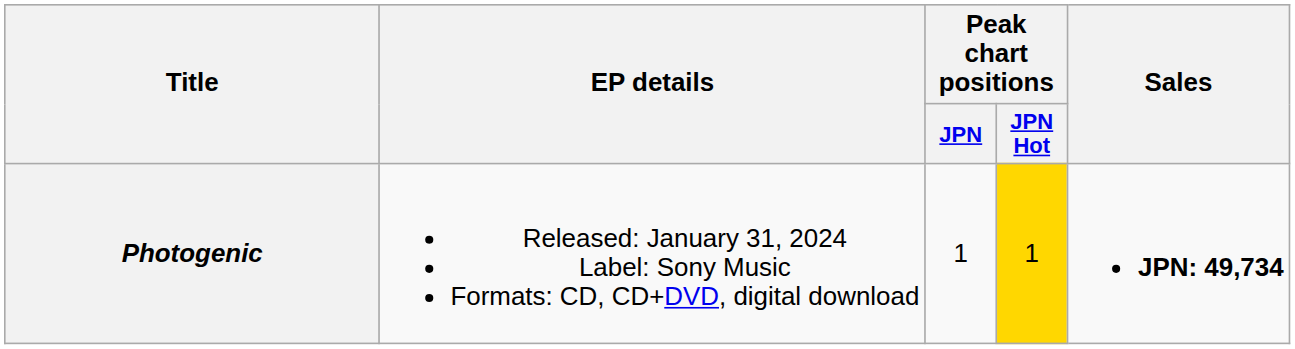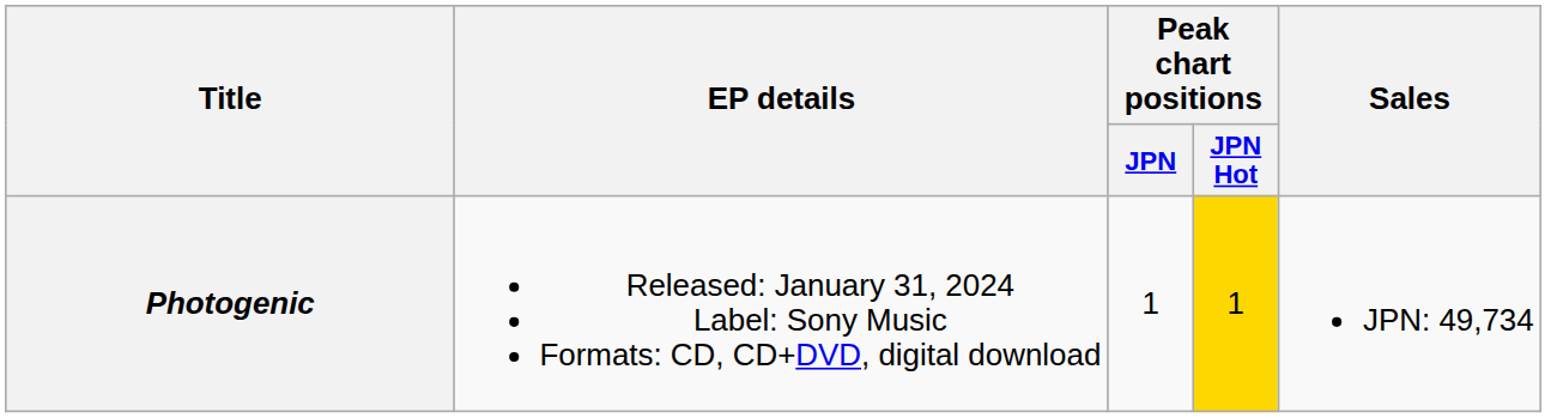 <table class="wikitable plainrowheaders" style="text-align:center;">
 <tr>
 <th scope="col" rowspan="2" style="width:14em;">Title</th>
 <th scope="col" rowspan="2">EP details</th>
 <th scope="col" colspan="2">Peak chart positions</th>
 <th scope="col" rowspan="2">Sales</th>
 </tr>
 <tr>
 <th scope="col" style="width:2.75em;font-size:85%;"><a href='#'>JPN</a><br></th>
 <th scope="col" style="width:2.75em;font-size:85%;"><a href='#'>JPN<br>Hot</a><br></th>
 </tr>
 <tr>
 <th scope="row"><em>Photogenic</em></th>
 <td><br><ul><li>Released: January 31, 2024</li><li>Label: Sony Music</li><li>Formats: CD, CD+<a href='#'>DVD</a>, digital download</li></ul></td>
 <td>1</td>
 <td style="background: gold;">1</td>
-<td><strong><br><ul><li>JPN: 49,734 </li></ul></strong></td>
+<td><br><ul><li>JPN: 49,734 </li></ul></td>
 </tr>
 </table>
